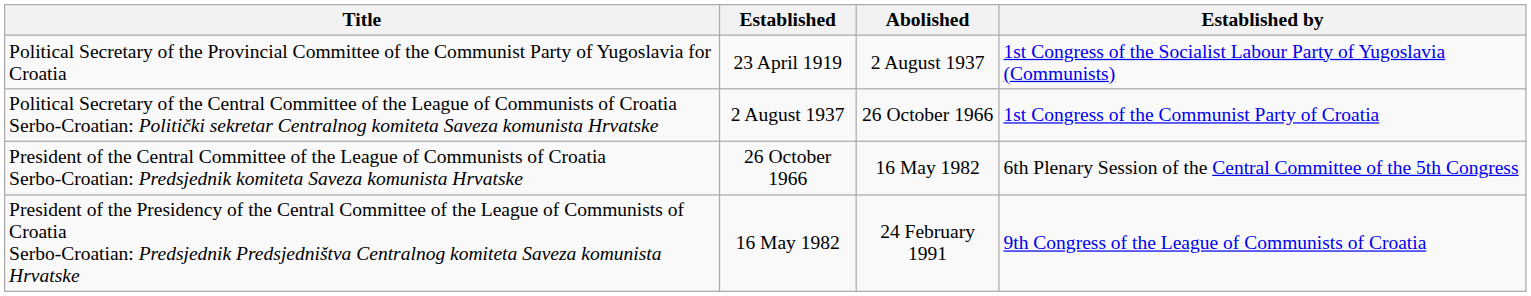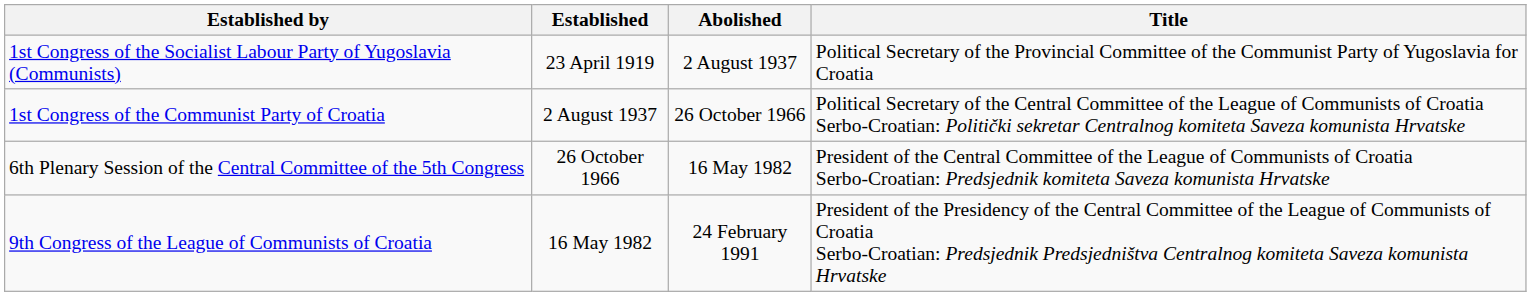 <table class="wikitable sortable">
 <tr>
-<th scope=col>Title</th>
+<th scope=col>Established by</th>
 <th scope=col>Established</th>
 <th scope=col>Abolished</th>
-<th scope=col>Established by</th>
+<th scope=col>Title</th>
 </tr>
 <tr>
-<td>Political Secretary of the Provincial Committee of the Communist Party of Yugoslavia for Croatia<br></td>
+<td><a href='#'>1st Congress of the Socialist Labour Party of Yugoslavia (Communists)</a></td>
 <td align="center">23 April 1919</td>
 <td align="center">2 August 1937</td>
-<td><a href='#'>1st Congress of the Socialist Labour Party of Yugoslavia (Communists)</a></td>
+<td>Political Secretary of the Provincial Committee of the Communist Party of Yugoslavia for Croatia<br></td>
 </tr>
 <tr>
-<td>Political Secretary of the Central Committee of the League of Communists of Croatia<br>Serbo-Croatian: <em>Politički sekretar Centralnog komiteta Saveza komunista Hrvatske</em></td>
+<td><a href='#'>1st Congress of the Communist Party of Croatia</a></td>
 <td align="center">2 August 1937</td>
 <td align="center">26 October 1966</td>
-<td><a href='#'>1st Congress of the Communist Party of Croatia</a></td>
+<td>Political Secretary of the Central Committee of the League of Communists of Croatia<br>Serbo-Croatian: <em>Politički sekretar Centralnog komiteta Saveza komunista Hrvatske</em></td>
 </tr>
 <tr>
-<td>President of the Central Committee of the League of Communists of Croatia<br>Serbo-Croatian: <em>Predsjednik komiteta Saveza komunista Hrvatske</em></td>
+<td>6th Plenary Session of the <a href='#'>Central Committee of the 5th Congress</a></td>
 <td align="center">26 October 1966</td>
 <td align="center">16 May 1982</td>
-<td>6th Plenary Session of the <a href='#'>Central Committee of the 5th Congress</a></td>
+<td>President of the Central Committee of the League of Communists of Croatia<br>Serbo-Croatian: <em>Predsjednik komiteta Saveza komunista Hrvatske</em></td>
 </tr>
 <tr>
-<td>President of the Presidency of the Central Committee of the League of Communists of Croatia<br>Serbo-Croatian: <em>Predsjednik Predsjedništva Centralnog komiteta Saveza komunista Hrvatske</em></td>
+<td><a href='#'>9th Congress of the League of Communists of Croatia</a></td>
 <td align="center">16 May 1982</td>
 <td align="center">24 February 1991</td>
-<td><a href='#'>9th Congress of the League of Communists of Croatia</a></td>
+<td>President of the Presidency of the Central Committee of the League of Communists of Croatia<br>Serbo-Croatian: <em>Predsjednik Predsjedništva Centralnog komiteta Saveza komunista Hrvatske</em></td>
 </tr>
 </table>
